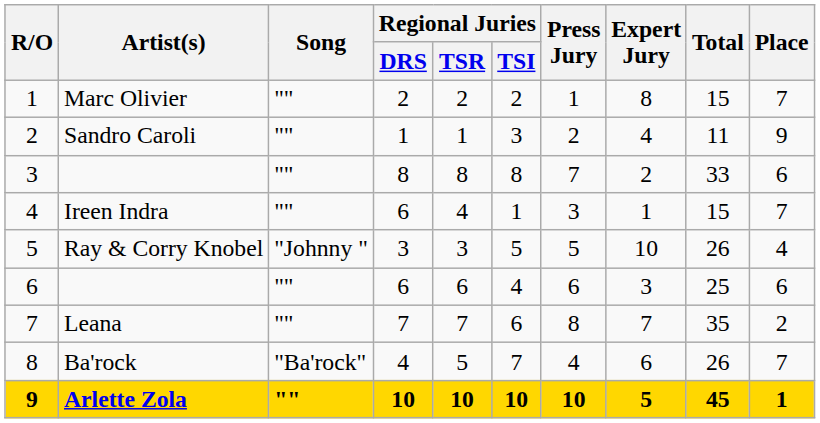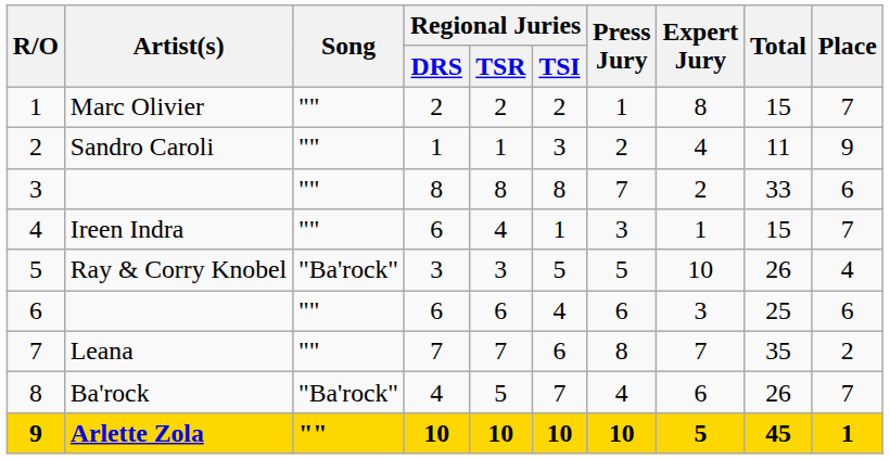 <table class="sortable wikitable" style="margin: 1em auto 1em auto; text-align:center">
 <tr>
 <th rowspan="2">R/O</th>
 <th rowspan="2">Artist(s)</th>
 <th rowspan="2">Song</th>
 <th colspan="3">Regional Juries</th>
 <th rowspan="2">Press<br>Jury</th>
 <th rowspan="2">Expert<br>Jury</th>
 <th rowspan="2">Total</th>
 <th rowspan="2">Place</th>
 </tr>
 <tr>
 <th><a href='#'>DRS</a></th>
 <th><a href='#'>TSR</a></th>
 <th><a href='#'>TSI</a></th>
 </tr>
 <tr>
 <td>1</td>
 <td align="left">Marc Olivier</td>
 <td align="left">""</td>
 <td>2</td>
 <td>2</td>
 <td>2</td>
 <td>1</td>
 <td>8</td>
 <td>15</td>
 <td>7</td>
 </tr>
 <tr>
 <td>2</td>
 <td align="left">Sandro Caroli</td>
 <td align="left">""</td>
 <td>1</td>
 <td>1</td>
 <td>3</td>
 <td>2</td>
 <td>4</td>
 <td>11</td>
 <td>9</td>
 </tr>
 <tr>
 <td>3</td>
 <td align="left"></td>
 <td align="left">""</td>
 <td>8</td>
 <td>8</td>
 <td>8</td>
 <td>7</td>
 <td>2</td>
 <td>33</td>
 <td>6</td>
 </tr>
 <tr>
 <td>4</td>
 <td align="left">Ireen Indra</td>
 <td align="left">""</td>
 <td>6</td>
 <td>4</td>
 <td>1</td>
 <td>3</td>
 <td>1</td>
 <td>15</td>
 <td>7</td>
 </tr>
 <tr>
 <td>5</td>
 <td align="left">Ray & Corry Knobel</td>
-<td align="left">"Johnny "</td>
+<td align="left">"Ba'rock"</td>
 <td>3</td>
 <td>3</td>
 <td>5</td>
 <td>5</td>
 <td>10</td>
 <td>26</td>
 <td>4</td>
 </tr>
 <tr>
 <td>6</td>
 <td align="left"></td>
 <td align="left">""</td>
 <td>6</td>
 <td>6</td>
 <td>4</td>
 <td>6</td>
 <td>3</td>
 <td>25</td>
 <td>6</td>
 </tr>
 <tr>
 <td>7</td>
 <td align="left">Leana</td>
 <td align="left">""</td>
 <td>7</td>
 <td>7</td>
 <td>6</td>
 <td>8</td>
 <td>7</td>
 <td>35</td>
 <td>2</td>
 </tr>
 <tr>
 <td>8</td>
 <td align="left">Ba'rock</td>
 <td align="left">"Ba'rock"</td>
 <td>4</td>
 <td>5</td>
 <td>7</td>
 <td>4</td>
 <td>6</td>
 <td>26</td>
 <td>7</td>
 </tr>
 <tr style="font-weight:bold; background:gold;">
 <td>9</td>
 <td align="left"><a href='#'>Arlette Zola</a></td>
 <td align="left">""</td>
 <td>10</td>
 <td>10</td>
 <td>10</td>
 <td>10</td>
 <td>5</td>
 <td>45</td>
 <td>1</td>
 </tr>
 </table>
